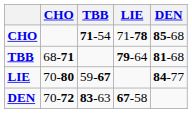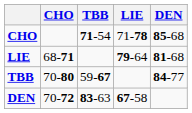 <table class="wikitable">
 <tr>
 <th></th>
 <th> <a href='#'><strong>CHO</strong></a></th>
 <th> <a href='#'>TBB</a></th>
 <th> <a href='#'><strong>LIE</strong></a></th>
 <th> <strong><a href='#'>DEN</a></strong></th>
 </tr>
 <tr>
 <td> <a href='#'><strong>CHO</strong></a></td>
 <td></td>
 <td><strong>71</strong>-54</td>
 <td>71-<strong>78</strong></td>
 <td><strong>85</strong>-68</td>
 </tr>
 <tr>
-<td> <a href='#'><strong>TBB</strong></a></td>
+<td> <a href='#'><strong>LIE</strong></a></td>
 <td>68-<strong>71</strong></td>
 <td></td>
 <td><strong>79</strong>-64</td>
 <td><strong>81</strong>-68</td>
 </tr>
 <tr>
-<td> <a href='#'><strong>LIE</strong></a></td>
+<td> <a href='#'><strong>TBB</strong></a></td>
 <td>70-<strong>80</strong></td>
 <td>59-<strong>67</strong></td>
 <td></td>
 <td><strong>84</strong>-77</td>
 </tr>
 <tr>
 <td> <strong><a href='#'>DEN</a></strong></td>
 <td>70-<strong>72</strong></td>
 <td><strong>83</strong>-63</td>
 <td><strong>67</strong>-58</td>
 <td></td>
 </tr>
 </table>
